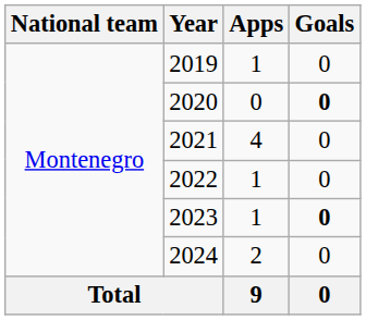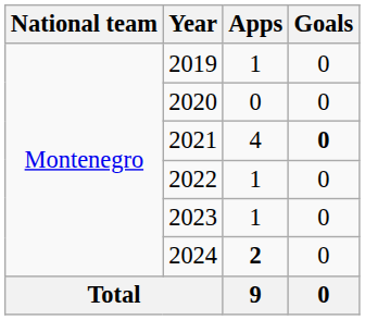 <table class=wikitable style=text-align:center>
 <tr>
 <th>National team</th>
 <th>Year</th>
 <th>Apps</th>
 <th>Goals</th>
 </tr>
 <tr>
 <td rowspan="6"><a href='#'>Montenegro</a></td>
 <td>2019</td>
 <td>1</td>
 <td>0</td>
 </tr>
 <tr>
 <td>2020</td>
 <td>0</td>
-<td><strong>0</strong></td>
+<td>0</td>
 </tr>
 <tr>
 <td>2021</td>
 <td>4</td>
-<td>0</td>
+<td><strong>0</strong></td>
 </tr>
 <tr>
 <td>2022</td>
 <td>1</td>
 <td>0</td>
 </tr>
 <tr>
 <td>2023</td>
 <td>1</td>
-<td><strong>0</strong></td>
+<td>0</td>
 </tr>
 <tr>
 <td>2024</td>
-<td>2</td>
+<td><strong>2</strong></td>
 <td>0</td>
 </tr>
 <tr>
 <th colspan=2>Total</th>
 <th>9</th>
 <th>0</th>
 </tr>
 </table>
